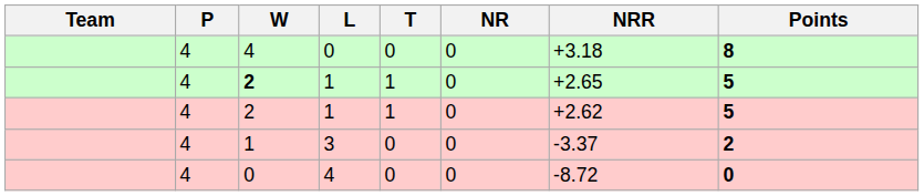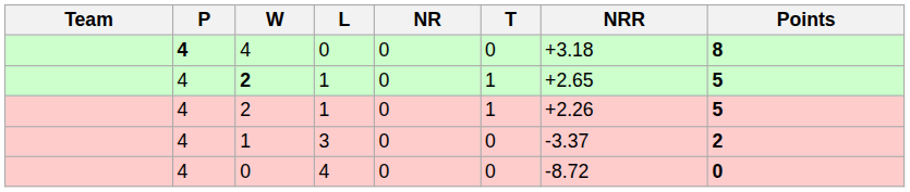 <table class="wikitable" width="85%">
 <tr>
 <th>Team</th>
 <th>P</th>
 <th>W</th>
 <th>L</th>
+<th>NR</th>
 <th>T</th>
-<th>NR</th>
 <th>NRR</th>
 <th>Points</th>
 </tr>
 <tr bgcolor="ccffcc">
 <td align="left"></td>
-<td>4</td>
+<td><strong>4</strong></td>
 <td>4</td>
 <td>0</td>
 <td>0</td>
 <td>0</td>
 <td>+3.18</td>
 <td><strong>8</strong></td>
 </tr>
 <tr bgcolor="ccffcc">
 <td align="left"></td>
 <td>4</td>
 <td><strong>2</strong></td>
 <td>1</td>
+<td>0</td>
 <td>1</td>
-<td>0</td>
 <td>+2.65</td>
 <td><strong>5</strong></td>
 </tr>
 <tr bgcolor="ffcccc">
 <td align="left"></td>
 <td>4</td>
 <td>2</td>
 <td>1</td>
+<td>0</td>
 <td>1</td>
-<td>0</td>
-<td>+2.62</td>
+<td>+2.26</td>
 <td><strong>5</strong></td>
 </tr>
 <tr bgcolor="ffcccc">
 <td align="left"></td>
 <td>4</td>
 <td>1</td>
 <td>3</td>
 <td>0</td>
 <td>0</td>
 <td>-3.37</td>
 <td><strong>2</strong></td>
 </tr>
 <tr bgcolor="ffcccc">
 <td align="left"></td>
 <td>4</td>
 <td>0</td>
 <td>4</td>
 <td>0</td>
 <td>0</td>
 <td>-8.72</td>
 <td><strong>0</strong></td>
 </tr>
 </table>
